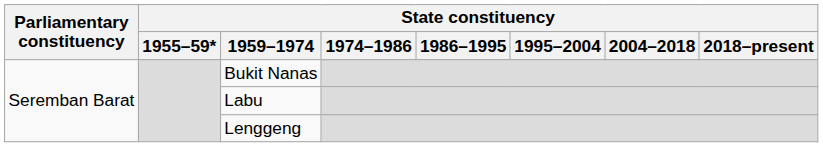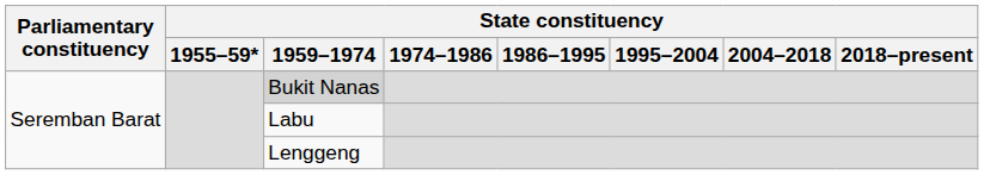 <table class="wikitable">
 <tr>
 <th rowspan="2">Parliamentary<br>constituency</th>
 <th colspan="7">State constituency</th>
 </tr>
 <tr>
 <th>1955–59*</th>
 <th>1959–1974</th>
 <th>1974–1986</th>
 <th>1986–1995</th>
 <th>1995–2004</th>
 <th>2004–2018</th>
 <th>2018–present</th>
 </tr>
 <tr>
 <td rowspan="3">Seremban Barat</td>
 <td rowspan="3" bgcolor="dcdcdc"></td>
-<td>Bukit Nanas</td>
+<td style="background: lightgrey;">Bukit Nanas</td>
 <td colspan="5" bgcolor="dcdcdc"></td>
 </tr>
 <tr>
 <td>Labu</td>
 <td colspan="5" bgcolor="dcdcdc"></td>
 </tr>
 <tr>
 <td>Lenggeng</td>
 <td colspan="5" bgcolor="dcdcdc"></td>
 </tr>
 </table>
